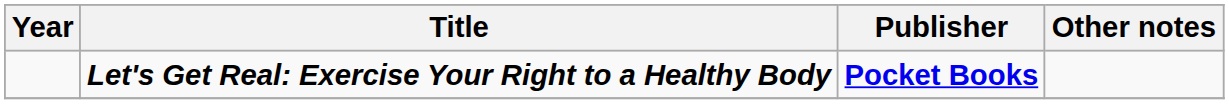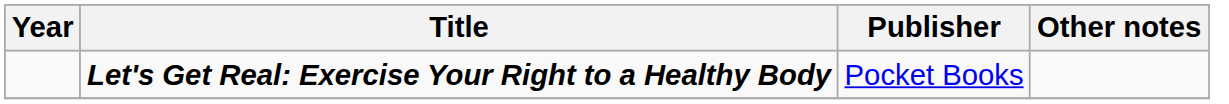 <table class="wikitable">
 <tr>
 <th>Year</th>
 <th>Title</th>
 <th>Publisher</th>
 <th>Other notes</th>
 </tr>
 <tr>
 <td></td>
 <td><strong><em>Let's Get Real: Exercise Your Right to a Healthy Body</em></strong></td>
-<td><strong><a href='#'>Pocket Books</a></strong></td>
+<td><a href='#'>Pocket Books</a></td>
 <td></td>
 </tr>
 <tr>
 </tr>
 </table>
